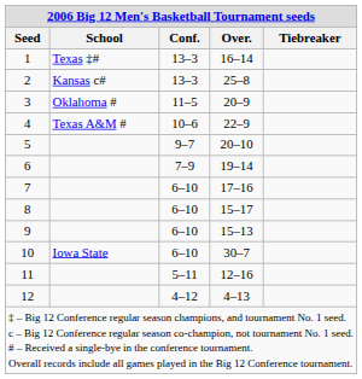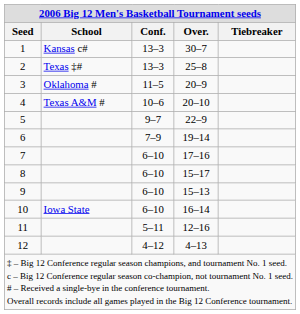 <table class="wikitable" style="white-space:nowrap; font-size:90%;text-align:center">
 <tr>
 <td colspan="10" style="text-align:center; background:#DDDDDD; font:#000000"><strong><a href='#'>2006 Big 12 Men's Basketball Tournament seeds</a></strong></td>
 </tr>
 <tr bgcolor="#efefef">
 <th>Seed</th>
 <th>School</th>
 <th>Conf.</th>
 <th>Over.</th>
 <th>Tiebreaker</th>
 </tr>
 <tr>
 <td>1</td>
-<td align=left><a href='#'>Texas</a> ‡#</td>
+<td align=left><a href='#'>Kansas</a> c#</td>
 <td>13–3</td>
-<td>16–14</td>
+<td>30–7</td>
 <td></td>
 </tr>
 <tr>
 <td>2</td>
-<td align=left><a href='#'>Kansas</a> c#</td>
+<td align=left><a href='#'>Texas</a> ‡#</td>
 <td>13–3</td>
 <td>25–8</td>
 <td></td>
 </tr>
 <tr>
 <td>3</td>
 <td align=left><a href='#'>Oklahoma</a> #</td>
 <td>11–5</td>
 <td>20–9</td>
 <td></td>
 </tr>
 <tr>
 <td>4</td>
 <td align=left><a href='#'>Texas A&M</a> #</td>
 <td>10–6</td>
-<td>22–9</td>
+<td>20–10</td>
 <td></td>
 </tr>
 <tr>
 <td>5</td>
 <td align=left></td>
 <td>9–7</td>
-<td>20–10</td>
+<td>22–9</td>
 <td></td>
 </tr>
 <tr>
 <td>6</td>
 <td align=left></td>
 <td>7–9</td>
 <td>19–14</td>
 <td></td>
 </tr>
 <tr>
 <td>7</td>
 <td align=left></td>
 <td>6–10</td>
 <td>17–16</td>
 <td></td>
 </tr>
 <tr>
 <td>8</td>
 <td align=left></td>
 <td>6–10</td>
 <td>15–17</td>
 <td></td>
 </tr>
 <tr>
 <td>9</td>
 <td align=left></td>
 <td>6–10</td>
 <td>15–13</td>
 <td></td>
 </tr>
 <tr>
 <td>10</td>
 <td align=left><a href='#'>Iowa State</a></td>
 <td>6–10</td>
-<td>30–7</td>
+<td>16–14</td>
 <td></td>
 </tr>
 <tr>
 <td>11</td>
 <td align=left></td>
 <td>5–11</td>
 <td>12–16</td>
 <td></td>
 </tr>
 <tr>
 <td>12</td>
 <td align=left></td>
 <td>4–12</td>
 <td>4–13</td>
 <td></td>
 </tr>
 <tr>
 <td colspan="10" style="text-align:left;"><small>‡ – Big 12 Conference regular season champions, and tournament No. 1 seed.<br>c – Big 12 Conference regular season co-champion, not tournament No. 1 seed.<br># – Received a single-bye in the conference tournament.<br>Overall records include all games played in the Big 12 Conference tournament.</small></td>
 </tr>
 </table>
